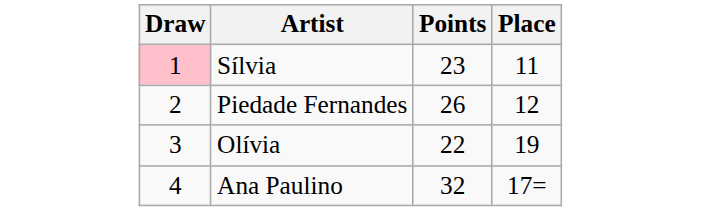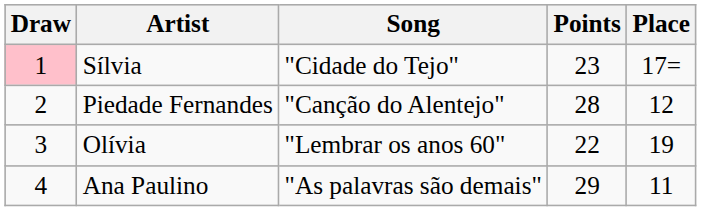 <table class="sortable wikitable" style="margin: 1em auto 1em auto; text-align:center">
 <tr>
 <th>Draw</th>
 <th>Artist</th>
+<th>Song</th>
 <th>Points</th>
 <th>Place</th>
 </tr>
 <tr>
 <td style="background: pink;">1</td>
 <td align="left">Sílvia</td>
+<td align="left">"Cidade do Tejo"</td>
 <td>23</td>
-<td>11</td>
+<td>17=</td>
 </tr>
 <tr>
 <td>2</td>
 <td align="left">Piedade Fernandes</td>
-<td>26</td>
+<td align="left">"Canção do Alentejo"</td>
+<td>28</td>
 <td>12</td>
 </tr>
 <tr>
 <td>3</td>
 <td align="left">Olívia</td>
+<td align="left">"Lembrar os anos 60"</td>
 <td>22</td>
 <td>19</td>
 </tr>
 <tr>
 <td>4</td>
 <td align="left">Ana Paulino</td>
-<td>32</td>
-<td>17=</td>
+<td align="left">"As palavras são demais"</td>
+<td>29</td>
+<td>11</td>
 </tr>
 </table>
